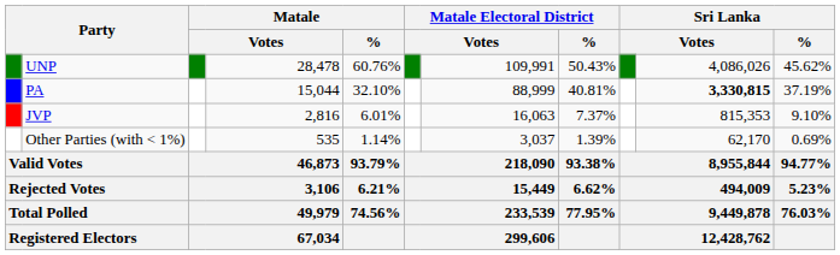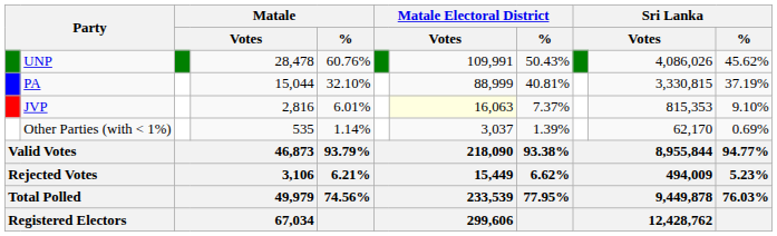 <table class="wikitable">
 <tr>
 <th colspan="2" width="144px"rowspan="2">Party</th>
 <th colspan="3" width="216px">Matale</th>
 <th colspan="3" width="216px"><a href='#'>Matale Electoral District</a></th>
 <th colspan="3" width="216px">Sri Lanka</th>
 </tr>
 <tr>
 <th colspan="2" width="144px">Votes</th>
 <th>%</th>
 <th colspan="2" width="144px">Votes</th>
 <th>%</th>
 <th colspan="2" width="144px">Votes</th>
 <th>%</th>
 </tr>
 <tr>
 <td style="background-color:green;" width="10px"></td>
 <td style="text-align:left;"><a href='#'>UNP</a></td>
 <td style="background-color:green;" width="10px"></td>
 <td style="text-align:right;">28,478</td>
 <td style="text-align:right;">60.76%</td>
 <td style="background-color:green;" width="10px"></td>
 <td style="text-align:right;">109,991</td>
 <td style="text-align:right;">50.43%</td>
 <td style="background-color:green;" width="10px"></td>
 <td style="text-align:right;">4,086,026</td>
 <td style="text-align:right;">45.62%</td>
 </tr>
 <tr>
 <td style="background-color:blue;" width="10px"></td>
 <td style="text-align:left;"><a href='#'>PA</a></td>
 <td style="background-color:white;" width="10px"></td>
 <td style="text-align:right;">15,044</td>
 <td style="text-align:right;">32.10%</td>
 <td style="background-color:white;" width="10px"></td>
 <td style="text-align:right;">88,999</td>
 <td style="text-align:right;">40.81%</td>
 <td style="background-color:white;" width="10px"></td>
-<td style="text-align:right;"><strong>3,330,815</strong></td>
+<td style="text-align:right;">3,330,815</td>
 <td style="text-align:right;">37.19%</td>
 </tr>
 <tr>
 <td style="background-color:red;" width="10px"></td>
 <td style="text-align:left;"><a href='#'>JVP</a></td>
 <td style="background-color:white;" width="10px"></td>
 <td style="text-align:right;">2,816</td>
 <td style="text-align:right;">6.01%</td>
 <td style="background-color:white;" width="10px"></td>
-<td style="text-align:right;">16,063</td>
+<td style="background: lightyellow; text-align:right;">16,063</td>
 <td style="text-align:right;">7.37%</td>
 <td style="background-color:white;" width="10px"></td>
 <td style="text-align:right;">815,353</td>
 <td style="text-align:right;">9.10%</td>
 </tr>
 <tr>
 <td style="background-color:white;" width="10px"></td>
 <td style="text-align:left;">Other Parties (with < 1%)</td>
 <td style="background-color:white;" width="10px"></td>
 <td style="text-align:right;">535</td>
 <td style="text-align:right;">1.14%</td>
 <td style="background-color:white;" width="10px"></td>
 <td style="text-align:right;">3,037</td>
 <td style="text-align:right;">1.39%</td>
 <td style="background-color:white;" width="10px"></td>
 <td style="text-align:right;">62,170</td>
 <td style="text-align:right;">0.69%</td>
 </tr>
 <tr>
 <th colspan="2" width="144px"style="text-align:left;">Valid Votes</th>
 <th style="text-align:right;"colspan="2" width="144px">46,873</th>
 <th style="text-align:right;">93.79%</th>
 <th style="text-align:right;"colspan="2" width="144px">218,090</th>
 <th style="text-align:right;">93.38%</th>
 <th style="text-align:right;"colspan="2" width="144px">8,955,844</th>
 <th style="text-align:right;">94.77%</th>
 </tr>
 <tr>
 <th colspan="2" width="144px"style="text-align:left;">Rejected Votes</th>
 <th style="text-align:right;"colspan="2" width="144px">3,106</th>
 <th style="text-align:right;">6.21%</th>
 <th style="text-align:right;"colspan="2" width="144px">15,449</th>
 <th style="text-align:right;">6.62%</th>
 <th style="text-align:right;"colspan="2" width="144px">494,009</th>
 <th style="text-align:right;">5.23%</th>
 </tr>
 <tr>
 <th colspan="2" width="144px"style="text-align:left;">Total Polled</th>
 <th style="text-align:right;"colspan="2" width="144px">49,979</th>
 <th style="text-align:right;">74.56%</th>
 <th style="text-align:right;"colspan="2" width="144px">233,539</th>
 <th style="text-align:right;">77.95%</th>
 <th style="text-align:right;"colspan="2" width="144px">9,449,878</th>
 <th style="text-align:right;">76.03%</th>
 </tr>
 <tr>
 <th colspan="2" width="144px"style="text-align:left;">Registered Electors</th>
 <th style="text-align:right;"colspan="2" width="144px">67,034</th>
 <th></th>
 <th style="text-align:right;"colspan="2" width="144px">299,606</th>
 <th></th>
 <th style="text-align:right;"colspan="2" width="144px">12,428,762</th>
 <th></th>
 </tr>
 </table>
